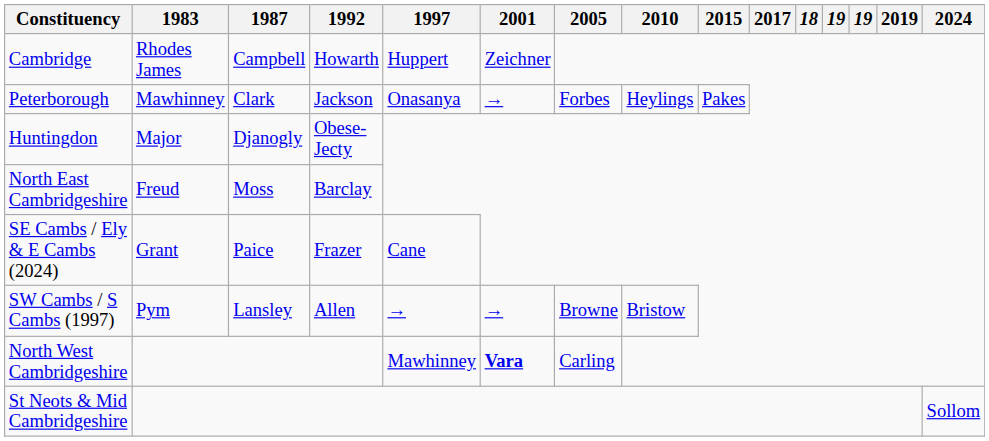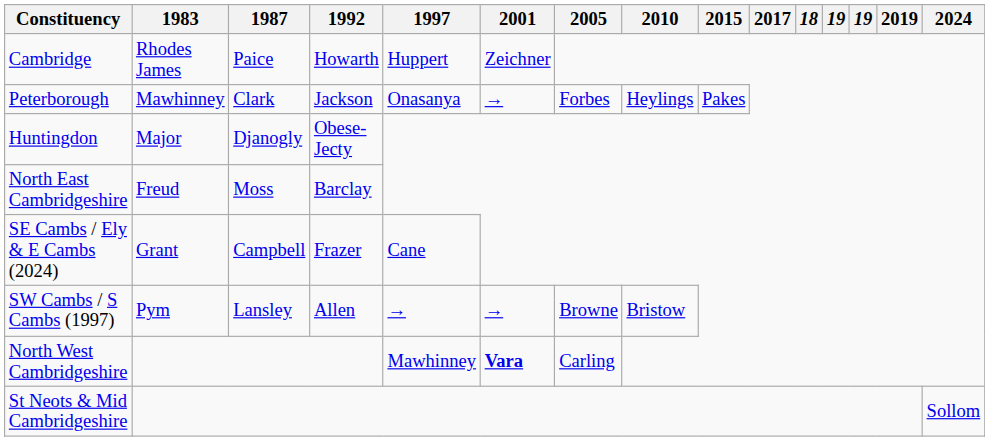 <table class="wikitable">
 <tr>
 <th>Constituency</th>
 <th>1983</th>
 <th>1987</th>
 <th>1992</th>
 <th>1997</th>
 <th>2001</th>
 <th>2005</th>
 <th>2010</th>
 <th>2015</th>
 <th>2017</th>
 <th><em>18</em></th>
 <th><em>19</em></th>
 <th><em>19</em></th>
 <th>2019</th>
 <th>2024</th>
 </tr>
 <tr>
 <td><a href='#'>Cambridge</a></td>
 <td><a href='#'>Rhodes James</a></td>
-<td><a href='#'>Campbell</a></td>
+<td><a href='#'>Paice</a></td>
 <td><a href='#'>Howarth</a></td>
 <td><a href='#'>Huppert</a></td>
 <td><a href='#'>Zeichner</a></td>
 </tr>
 <tr>
 <td><a href='#'>Peterborough</a></td>
 <td><a href='#'>Mawhinney</a></td>
 <td><a href='#'>Clark</a></td>
 <td><a href='#'>Jackson</a></td>
 <td><a href='#'>Onasanya</a></td>
 <td><a href='#'>→</a></td>
 <td><a href='#'>Forbes</a></td>
 <td><a href='#'>Heylings</a></td>
 <td><a href='#'>Pakes</a></td>
 </tr>
 <tr>
 <td><a href='#'>Huntingdon</a></td>
 <td><a href='#'>Major</a></td>
 <td><a href='#'>Djanogly</a></td>
 <td><a href='#'>Obese-Jecty</a></td>
 </tr>
 <tr>
 <td><a href='#'>North East Cambridgeshire</a></td>
 <td><a href='#'>Freud</a></td>
 <td><a href='#'>Moss</a></td>
 <td><a href='#'>Barclay</a></td>
 </tr>
 <tr>
 <td><a href='#'>SE Cambs</a> / <a href='#'>Ely & E Cambs</a> (2024)</td>
 <td><a href='#'>Grant</a></td>
-<td><a href='#'>Paice</a></td>
+<td><a href='#'>Campbell</a></td>
 <td><a href='#'>Frazer</a></td>
 <td><a href='#'>Cane</a></td>
 </tr>
 <tr>
 <td><a href='#'>SW Cambs</a> / <a href='#'>S Cambs</a> (1997)</td>
 <td><a href='#'>Pym</a></td>
 <td><a href='#'>Lansley</a></td>
 <td><a href='#'>Allen</a></td>
 <td><a href='#'>→</a></td>
 <td><a href='#'>→</a></td>
 <td><a href='#'>Browne</a></td>
 <td><a href='#'>Bristow</a></td>
 </tr>
 <tr>
 <td><a href='#'>North West Cambridgeshire</a></td>
 <td colspan="3"></td>
 <td><a href='#'>Mawhinney</a></td>
 <td><strong><a href='#'>Vara</a></strong></td>
 <td><a href='#'>Carling</a></td>
 </tr>
 <tr>
 <td><a href='#'>St Neots & Mid Cambridgeshire</a></td>
 <td colspan="13"></td>
 <td><a href='#'>Sollom</a></td>
 </tr>
 </table>
